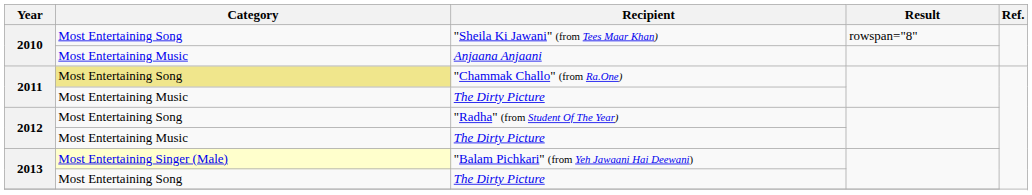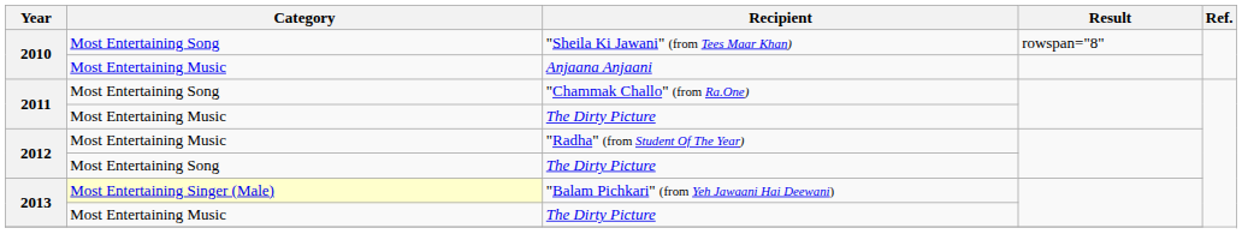 <table class="wikitable plainrowheaders" width="100%" "textcolor:#000;">
 <tr>
 <th scope="col" width=5%>Year</th>
 <th scope="col" width=39%>Category</th>
 <th scope="col" width=39%>Recipient</th>
 <th scope="col" width=15%>Result</th>
 <th scope="col" width=2%>Ref.</th>
 </tr>
 <tr>
 <th scope="row" rowspan="2">2010</th>
 <td><a href='#'>Most Entertaining Song</a></td>
 <td>"<a href='#'>Sheila Ki Jawani</a>" <small>(from <em><a href='#'>Tees Maar Khan</a>)</em></small></td>
 <td>rowspan="8" </td>
 <td rowspan="2"></td>
 </tr>
 <tr>
 <td><a href='#'>Most Entertaining Music</a></td>
 <td><em><a href='#'>Anjaana Anjaani</a></em></td>
 </tr>
 <tr>
 <th scope="row" rowspan="2">2011</th>
-<td style="background: khaki;">Most Entertaining Song</td>
+<td>Most Entertaining Song</td>
 <td>"<a href='#'>Chammak Challo</a>" <small>(from <em><a href='#'>Ra.One</a>)</em></small></td>
 <td rowspan="2"></td>
 </tr>
 <tr>
 <td>Most Entertaining Music</td>
 <td><em><a href='#'>The Dirty Picture</a></em></td>
 </tr>
 <tr>
 <th scope="row" rowspan="2">2012</th>
-<td>Most Entertaining Song</td>
+<td>Most Entertaining Music</td>
 <td>"<a href='#'>Radha</a>" <small>(from <em><a href='#'>Student Of The Year</a>)</em></small></td>
 <td rowspan="2"></td>
 </tr>
 <tr>
-<td>Most Entertaining Music</td>
+<td>Most Entertaining Song</td>
 <td><em><a href='#'>The Dirty Picture</a></em></td>
 </tr>
 <tr>
 <th scope="row" rowspan="2">2013</th>
 <td style="background:#FFFFCC;"><a href='#'>Most Entertaining Singer (Male)</a></td>
 <td>"<a href='#'>Balam Pichkari</a>" <small>(from <em><a href='#'>Yeh Jawaani Hai Deewani</a></em>)</small></td>
 <td rowspan="2"></td>
 </tr>
 <tr>
-<td>Most Entertaining Song</td>
+<td>Most Entertaining Music</td>
 <td><em><a href='#'>The Dirty Picture</a></em></td>
 </tr>
 <tr>
 </tr>
 </table>
